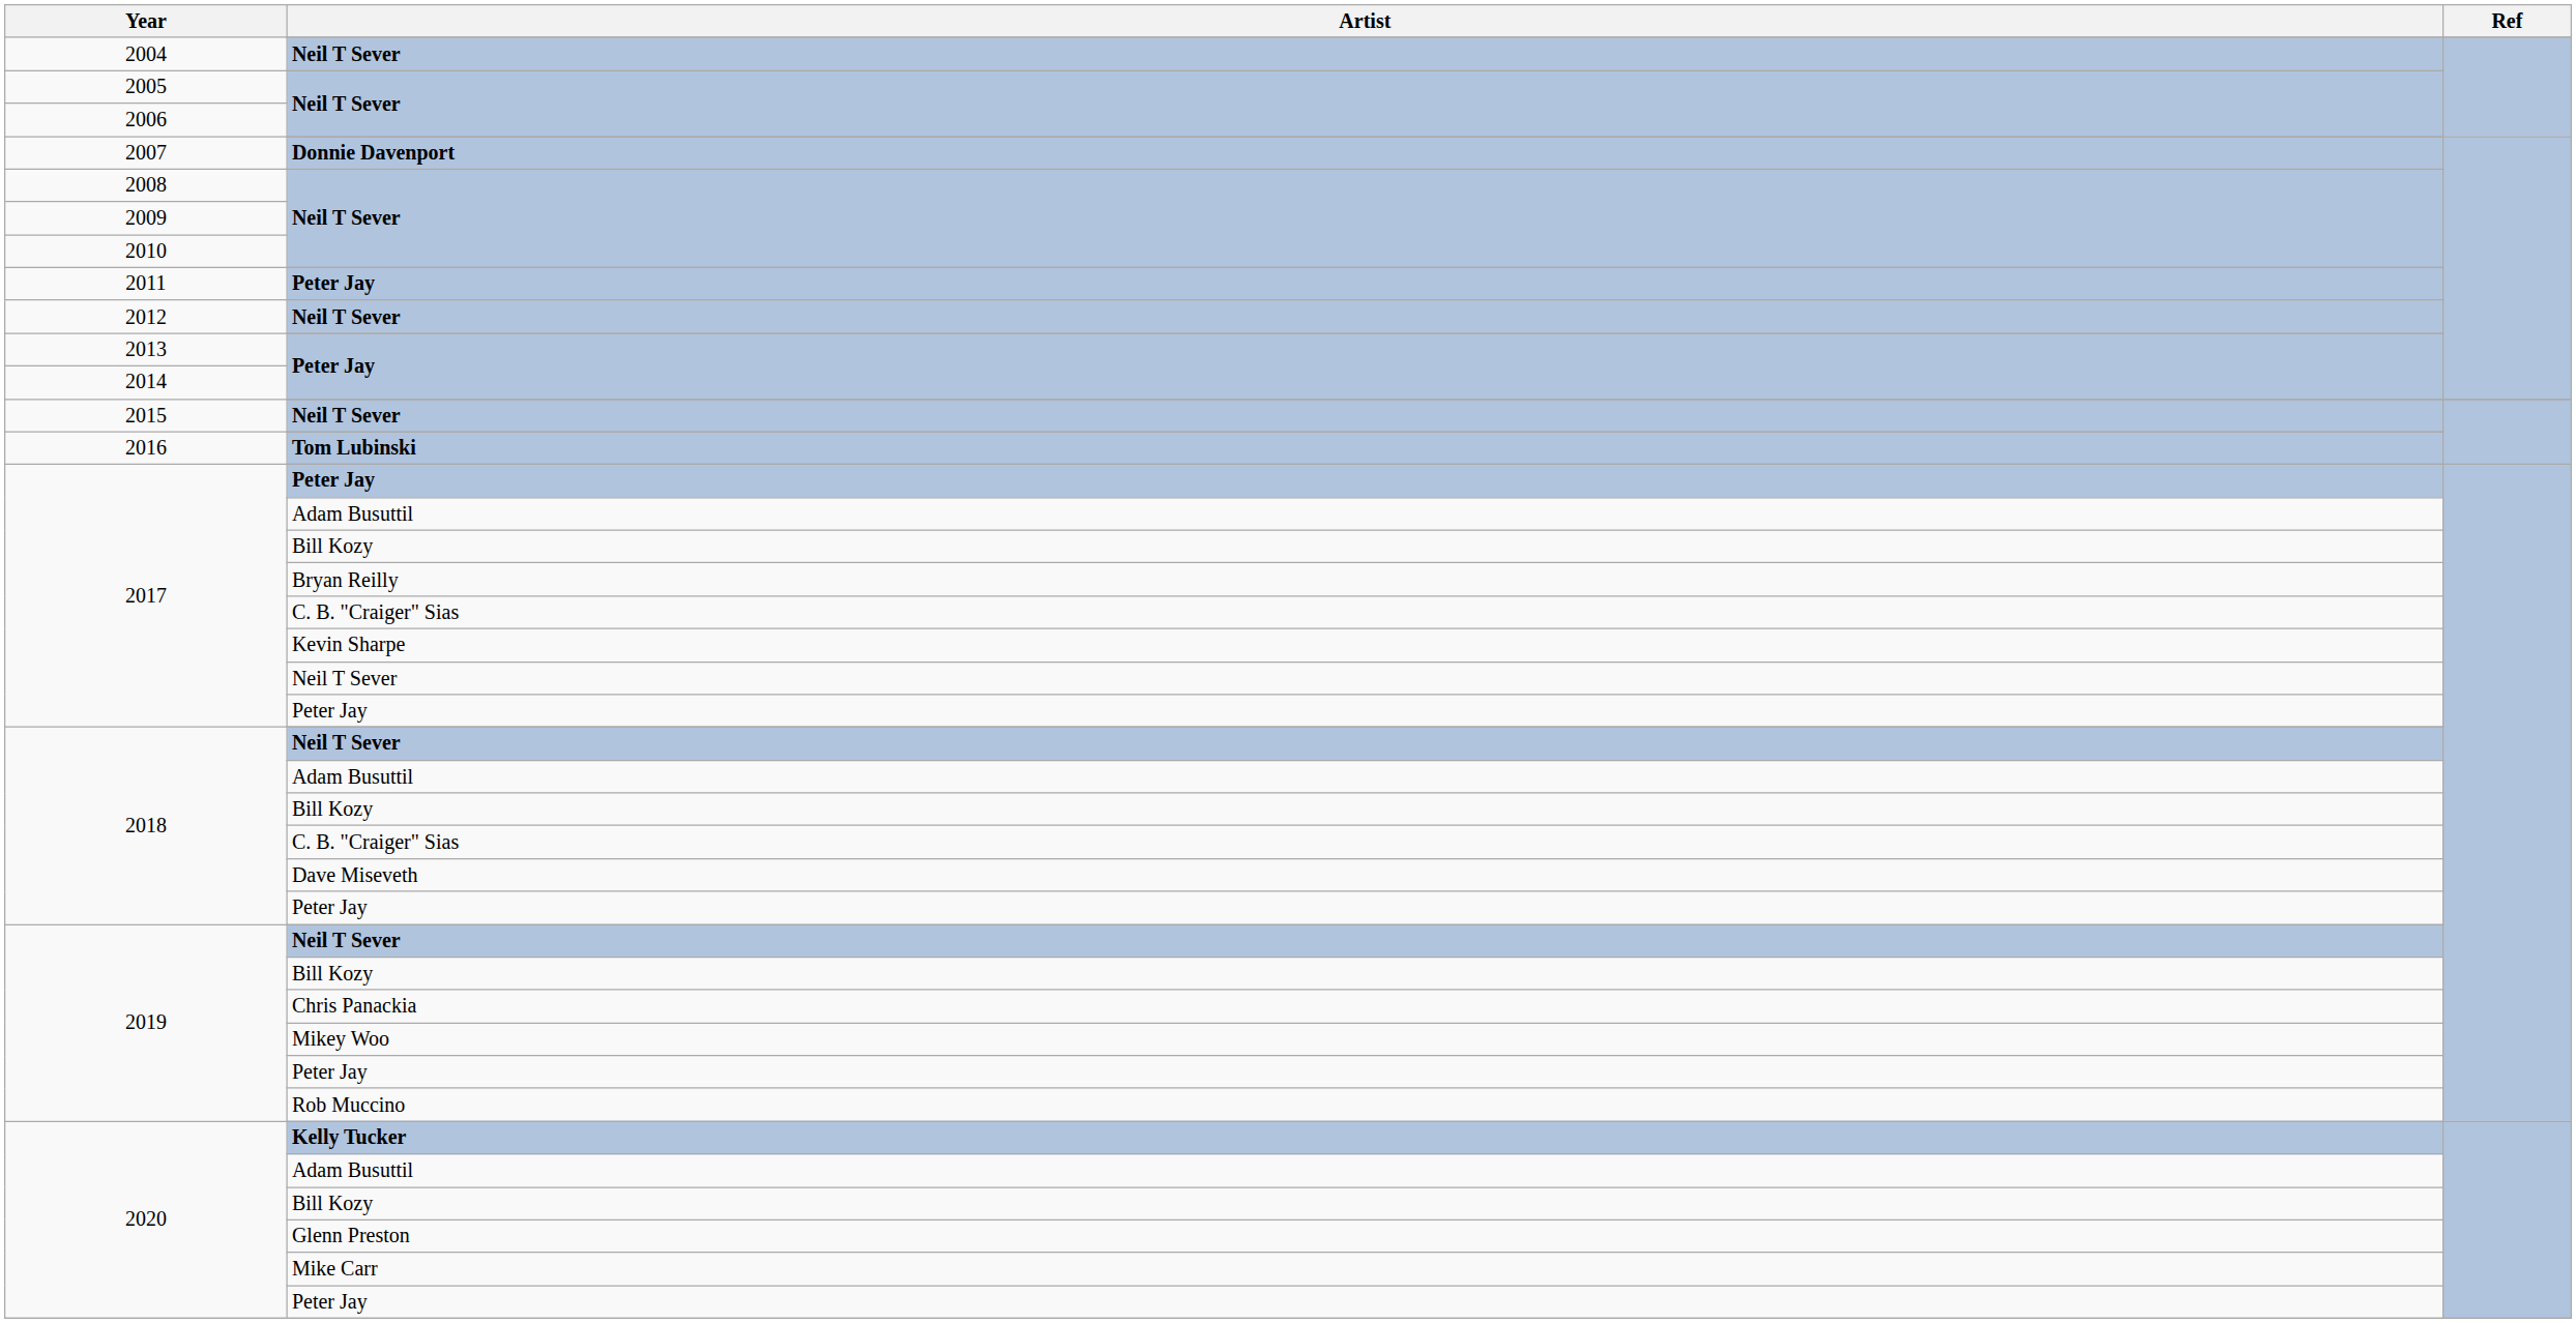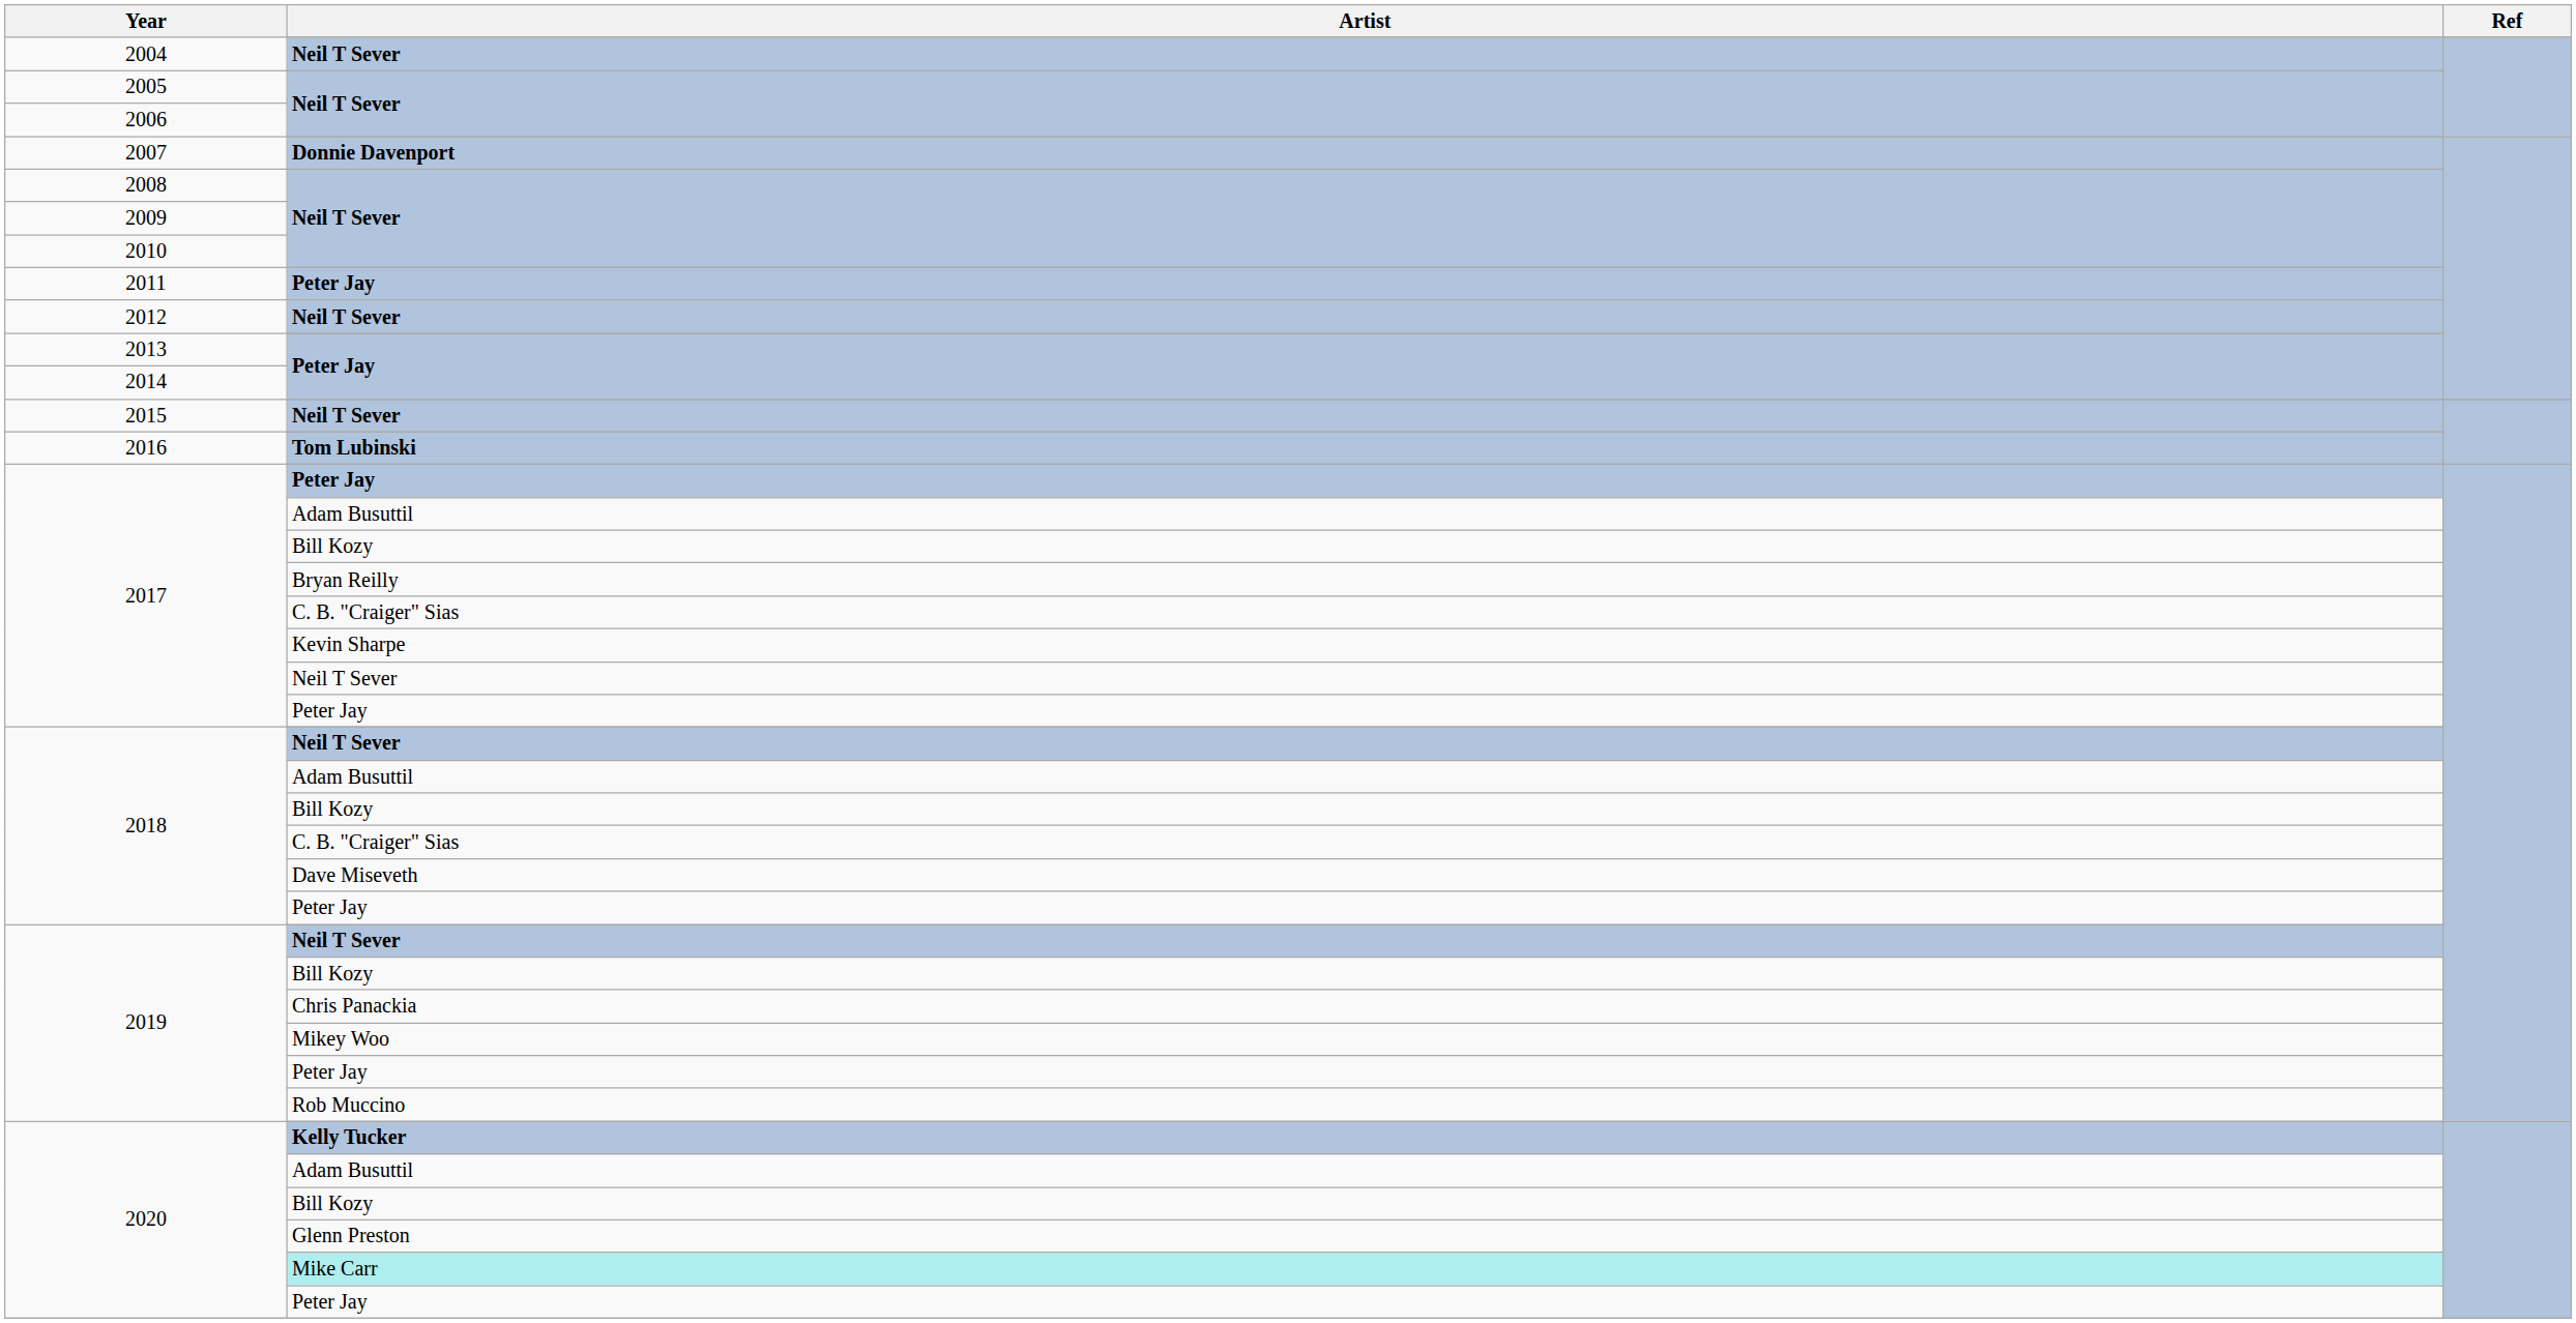 <table class="wikitable" style="width:100%;">
 <tr>
 <th style="width:11%;">Year</th>
 <th style="width:84%;">Artist</th>
 <th style="width:5%;">Ref</th>
 </tr>
 <tr>
 <td rowspan="2" align="center">2004</td>
 </tr>
 <tr style="background:#B0C4DE">
 <td><strong>Neil T Sever</strong></td>
 <td rowspan="5"></td>
 </tr>
 <tr>
 <td rowspan="2" align="center">2005</td>
 </tr>
 <tr style="background:#B0C4DE">
 <td rowspan="2"><strong>Neil T Sever</strong></td>
 </tr>
 <tr>
 <td align="center">2006</td>
 </tr>
 <tr>
 <td rowspan="2" align="center">2007</td>
 </tr>
 <tr style="background:#B0C4DE">
 <td><strong>Donnie Davenport</strong></td>
 <td rowspan="12" align="center"></td>
 </tr>
 <tr>
 <td rowspan="2" align="center">2008</td>
 </tr>
 <tr style="background:#B0C4DE">
 <td rowspan="3"><strong>Neil T Sever</strong></td>
 </tr>
 <tr>
 <td align="center">2009</td>
 </tr>
 <tr>
 <td align="center">2010</td>
 </tr>
 <tr>
 <td rowspan="2" align="center">2011</td>
 </tr>
 <tr style="background:#B0C4DE">
 <td><strong>Peter Jay</strong></td>
 </tr>
 <tr>
 <td rowspan="2" align="center">2012</td>
 </tr>
 <tr style="background:#B0C4DE">
 <td><strong>Neil T Sever</strong></td>
 </tr>
 <tr>
 <td rowspan="2" align="center">2013</td>
 </tr>
 <tr style="background:#B0C4DE">
 <td rowspan="2"><strong>Peter Jay</strong></td>
 </tr>
 <tr>
 <td align="center">2014</td>
 </tr>
 <tr>
 <td rowspan="2" align="center">2015</td>
 </tr>
 <tr style="background:#B0C4DE">
 <td><strong>Neil T Sever</strong></td>
 <td rowspan="4" align="center"></td>
 </tr>
 <tr>
 <td rowspan="2" align="center">2016</td>
 </tr>
 <tr style="background:#B0C4DE">
 <td><strong>Tom Lubinski</strong></td>
 </tr>
 <tr>
 <td rowspan="9" align="center">2017</td>
 </tr>
 <tr style="background:#B0C4DE">
 <td><strong>Peter Jay</strong></td>
 <td rowspan="23" align="center"></td>
 </tr>
 <tr>
 <td>Adam Busuttil</td>
 </tr>
 <tr>
 <td>Bill Kozy</td>
 </tr>
 <tr>
 <td>Bryan Reilly</td>
 </tr>
 <tr>
 <td>C. B. "Craiger" Sias</td>
 </tr>
 <tr>
 <td>Kevin Sharpe</td>
 </tr>
 <tr>
 <td>Neil T Sever</td>
 </tr>
 <tr>
 <td>Peter Jay</td>
 </tr>
 <tr>
 <td rowspan="7" align="center">2018</td>
 </tr>
 <tr style="background:#B0C4DE">
 <td><strong>Neil T Sever</strong></td>
 </tr>
 <tr>
 <td>Adam Busuttil</td>
 </tr>
 <tr>
 <td>Bill Kozy</td>
 </tr>
 <tr>
 <td>C. B. "Craiger" Sias</td>
 </tr>
 <tr>
 <td>Dave Miseveth</td>
 </tr>
 <tr>
 <td>Peter Jay</td>
 </tr>
 <tr>
 <td rowspan="7" align="center">2019</td>
 </tr>
 <tr style="background:#B0C4DE">
 <td><strong>Neil T Sever</strong></td>
 </tr>
 <tr>
 <td>Bill Kozy</td>
 </tr>
 <tr>
 <td>Chris Panackia</td>
 </tr>
 <tr>
 <td>Mikey Woo</td>
 </tr>
 <tr>
 <td>Peter Jay</td>
 </tr>
 <tr>
 <td>Rob Muccino</td>
 </tr>
 <tr>
 <td rowspan="7" align="center">2020</td>
 </tr>
 <tr style="background:#B0C4DE">
 <td><strong>Kelly Tucker</strong></td>
 <td rowspan="6" align="center"></td>
 </tr>
 <tr>
 <td>Adam Busuttil</td>
 </tr>
 <tr>
 <td>Bill Kozy</td>
 </tr>
 <tr>
 <td>Glenn Preston</td>
 </tr>
 <tr>
-<td>Mike Carr</td>
+<td style="background: paleturquoise;">Mike Carr</td>
 </tr>
 <tr>
 <td>Peter Jay</td>
 </tr>
 <tr>
 </tr>
 </table>
